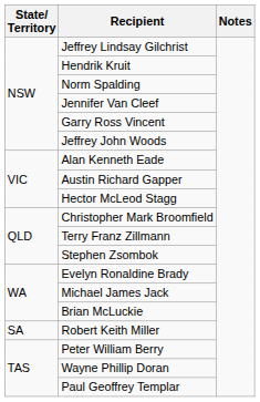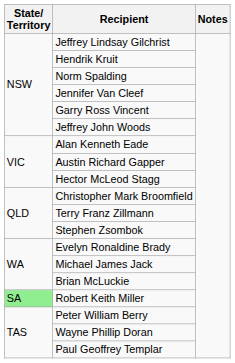 <table class="wikitable" style="font-size:95%;">
 <tr>
 <th>State/<br>Territory</th>
 <th>Recipient</th>
 <th>Notes</th>
 </tr>
 <tr>
 <td rowspan=6>NSW</td>
 <td>Jeffrey Lindsay Gilchrist</td>
 <td rowspan=19></td>
 </tr>
 <tr>
 <td>Hendrik Kruit</td>
 </tr>
 <tr>
 <td>Norm Spalding</td>
 </tr>
 <tr>
 <td>Jennifer Van Cleef</td>
 </tr>
 <tr>
 <td>Garry Ross Vincent</td>
 </tr>
 <tr>
 <td>Jeffrey John Woods</td>
 </tr>
 <tr>
 <td rowspan=3>VIC</td>
 <td>Alan Kenneth Eade</td>
 </tr>
 <tr>
 <td>Austin Richard Gapper</td>
 </tr>
 <tr>
 <td>Hector McLeod Stagg</td>
 </tr>
 <tr>
 <td rowspan=3>QLD</td>
 <td>Christopher Mark Broomfield</td>
 </tr>
 <tr>
 <td>Terry Franz Zillmann</td>
 </tr>
 <tr>
 <td>Stephen Zsombok</td>
 </tr>
 <tr>
 <td rowspan=3>WA</td>
 <td>Evelyn Ronaldine Brady</td>
 </tr>
 <tr>
 <td>Michael James Jack</td>
 </tr>
 <tr>
 <td>Brian McLuckie</td>
 </tr>
 <tr>
-<td>SA</td>
+<td style="background: lightgreen;">SA</td>
 <td>Robert Keith Miller</td>
 </tr>
 <tr>
 <td rowspan=3>TAS</td>
 <td>Peter William Berry</td>
 </tr>
 <tr>
 <td>Wayne Phillip Doran</td>
 </tr>
 <tr>
 <td>Paul Geoffrey Templar</td>
 </tr>
 </table>
